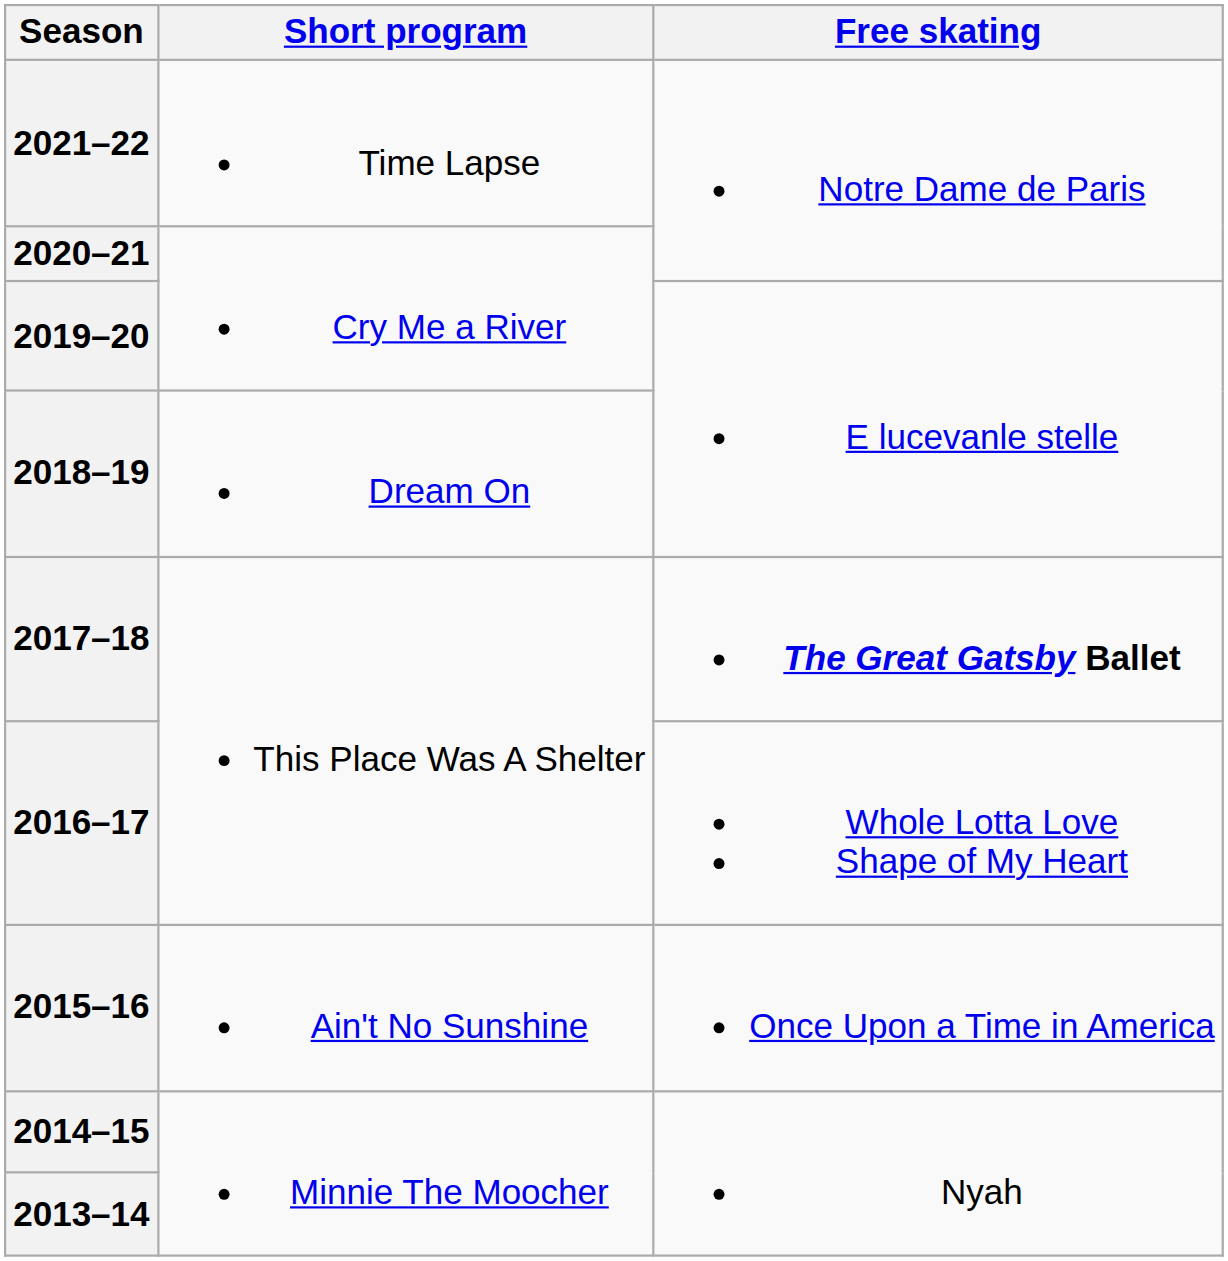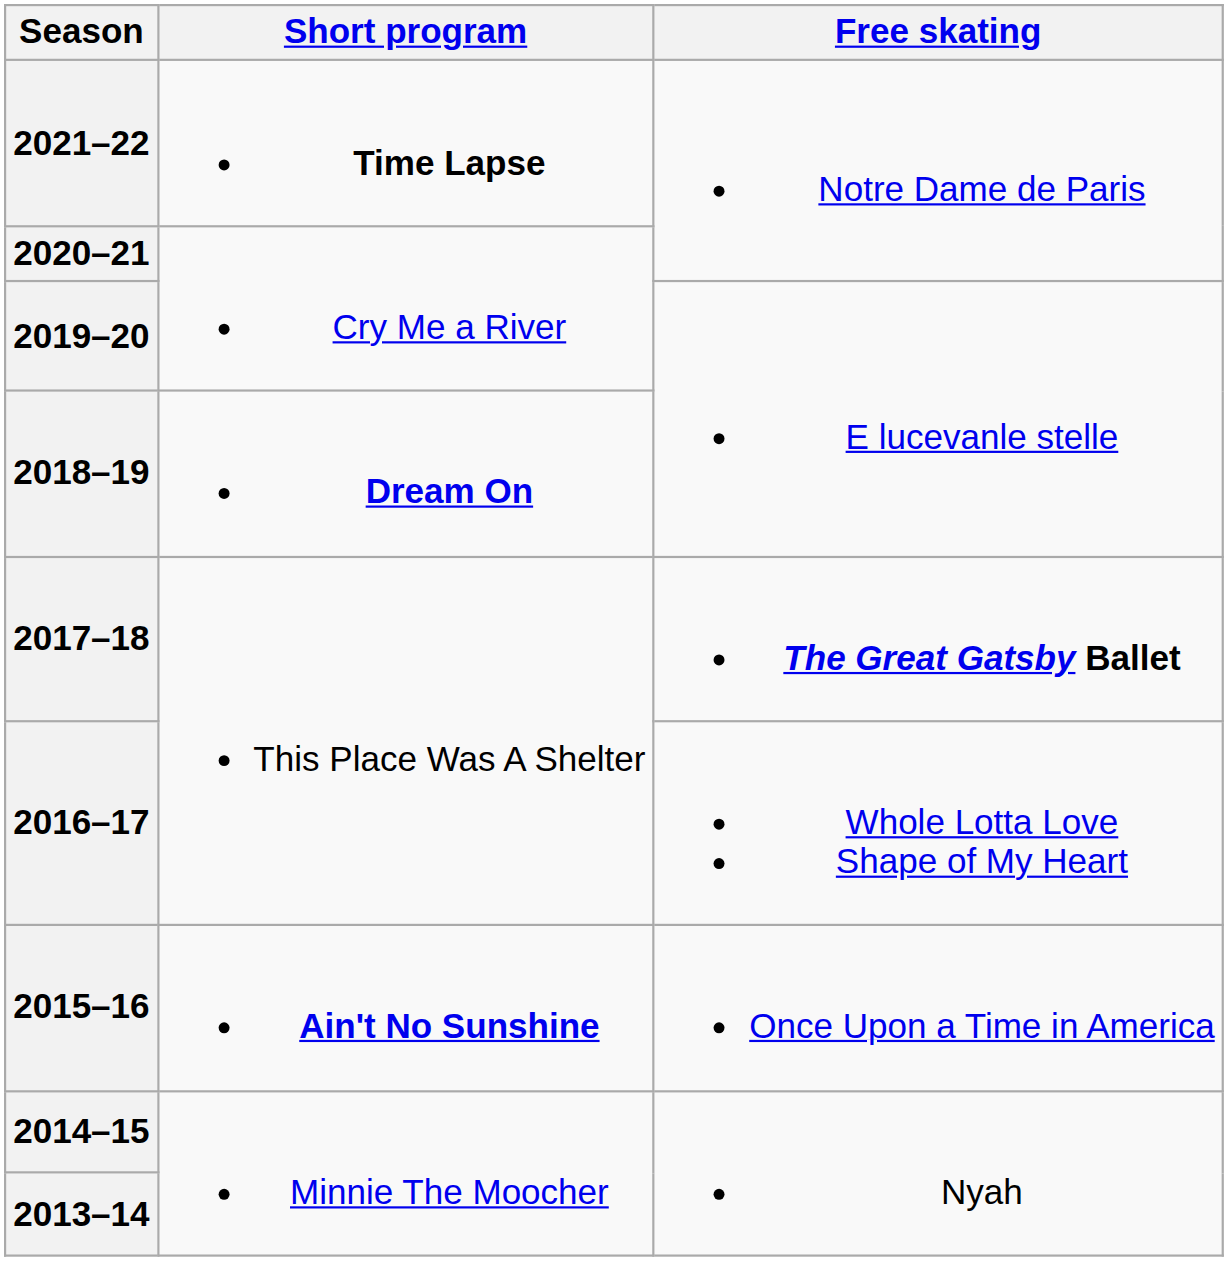 <table class=wikitable style=text-align:center>
 <tr>
 <th>Season</th>
 <th><a href='#'>Short program</a></th>
 <th><a href='#'>Free skating</a></th>
 </tr>
 <tr>
 <th>2021–22 <br></th>
-<td><br><ul><li>Time Lapse <br></li></ul></td>
+<td><strong><br><ul><li>Time Lapse <br></li></ul></strong></td>
 <td rowspan="2"><br><ul><li><a href='#'>Notre Dame de Paris</a> <br></li></ul></td>
 </tr>
 <tr>
 <th>2020–21 <br></th>
 <td rowspan="2"><br><ul><li><a href='#'>Cry Me a River</a> <br></li></ul></td>
 </tr>
 <tr>
 <th>2019–20 <br></th>
 <td rowspan="2"><br><ul><li><a href='#'>E lucevanle stelle</a> <br></li></ul></td>
 </tr>
 <tr>
 <th>2018–19 <br></th>
-<td><br><ul><li><a href='#'>Dream On</a> <br></li></ul></td>
+<td><strong><br><ul><li><a href='#'>Dream On</a> <br></li></ul></strong></td>
 </tr>
 <tr>
 <th>2017–18 <br></th>
 <td rowspan="2"><br><ul><li>This Place Was A Shelter <br></li></ul></td>
 <td><strong><br><ul><li><em><a href='#'>The Great Gatsby</a></em> Ballet <br></li></ul></strong></td>
 </tr>
 <tr>
 <th>2016–17 <br></th>
 <td><br><ul><li><a href='#'>Whole Lotta Love</a></li><li><a href='#'>Shape of My Heart</a> <br></li></ul></td>
 </tr>
 <tr>
 <th>2015–16 <br></th>
-<td><br><ul><li><a href='#'>Ain't No Sunshine</a> <br></li></ul></td>
+<td><strong><br><ul><li><a href='#'>Ain't No Sunshine</a> <br></li></ul></strong></td>
 <td><br><ul><li><a href='#'>Once Upon a Time in America</a> <br></li></ul></td>
 </tr>
 <tr>
 <th>2014–15</th>
 <td rowspan="2"><br><ul><li><a href='#'>Minnie The Moocher</a> <br></li></ul></td>
 <td rowspan="2"><br><ul><li>Nyah <br></li></ul></td>
 </tr>
 <tr>
 <th>2013–14</th>
 </tr>
 </table>
